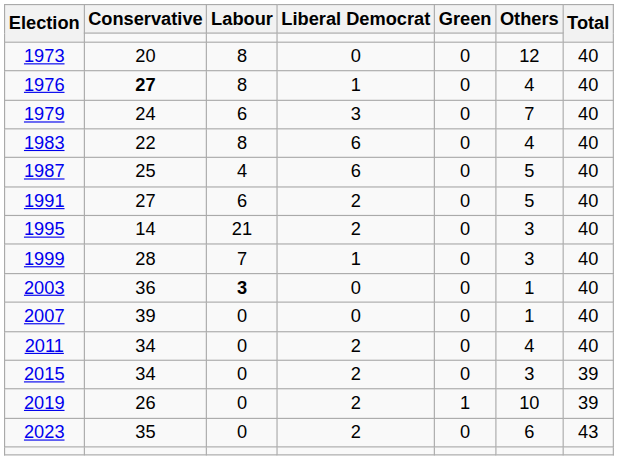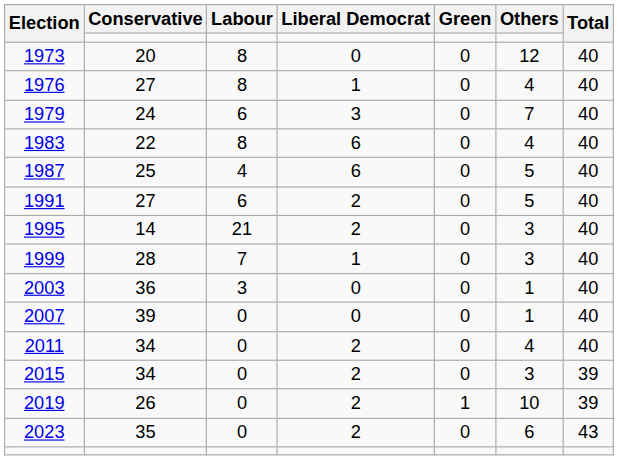 <table class="wikitable" style="text-align: center">
 <tr>
 <th rowspan="2">Election</th>
 <th>Conservative</th>
 <th>Labour</th>
 <th>Liberal Democrat</th>
 <th>Green</th>
 <th>Others</th>
 <th rowspan="2">Total</th>
 </tr>
 <tr>
 <td style="background-color: "></td>
 <td style="background-color: "></td>
 <td style="background-color: "></td>
 <td style="background-color: "></td>
 <td style="background-color: "></td>
 </tr>
 <tr>
 <td><a href='#'>1973</a></td>
 <td>20</td>
 <td>8</td>
 <td>0</td>
 <td>0</td>
 <td>12</td>
 <td>40</td>
 </tr>
 <tr>
 <td><a href='#'>1976</a></td>
-<td><strong>27</strong></td>
+<td>27</td>
 <td>8</td>
 <td>1</td>
 <td>0</td>
 <td>4</td>
 <td>40</td>
 </tr>
 <tr>
 <td><a href='#'>1979</a></td>
 <td>24</td>
 <td>6</td>
 <td>3</td>
 <td>0</td>
 <td>7</td>
 <td>40</td>
 </tr>
 <tr>
 <td><a href='#'>1983</a></td>
 <td>22</td>
 <td>8</td>
 <td>6</td>
 <td>0</td>
 <td>4</td>
 <td>40</td>
 </tr>
 <tr>
 <td><a href='#'>1987</a></td>
 <td>25</td>
 <td>4</td>
 <td>6</td>
 <td>0</td>
 <td>5</td>
 <td>40</td>
 </tr>
 <tr>
 <td><a href='#'>1991</a></td>
 <td>27</td>
 <td>6</td>
 <td>2</td>
 <td>0</td>
 <td>5</td>
 <td>40</td>
 </tr>
 <tr>
 <td><a href='#'>1995</a></td>
 <td>14</td>
 <td>21</td>
 <td>2</td>
 <td>0</td>
 <td>3</td>
 <td>40</td>
 </tr>
 <tr>
 <td><a href='#'>1999</a></td>
 <td>28</td>
 <td>7</td>
 <td>1</td>
 <td>0</td>
 <td>3</td>
 <td>40</td>
 </tr>
 <tr>
 <td><a href='#'>2003</a></td>
 <td>36</td>
-<td><strong>3</strong></td>
+<td>3</td>
 <td>0</td>
 <td>0</td>
 <td>1</td>
 <td>40</td>
 </tr>
 <tr>
 <td><a href='#'>2007</a></td>
 <td>39</td>
 <td>0</td>
 <td>0</td>
 <td>0</td>
 <td>1</td>
 <td>40</td>
 </tr>
 <tr>
 <td><a href='#'>2011</a></td>
 <td>34</td>
 <td>0</td>
 <td>2</td>
 <td>0</td>
 <td>4</td>
 <td>40</td>
 </tr>
 <tr>
 <td><a href='#'>2015</a></td>
 <td>34</td>
 <td>0</td>
 <td>2</td>
 <td>0</td>
 <td>3</td>
 <td>39</td>
 </tr>
 <tr>
 <td><a href='#'>2019</a></td>
 <td>26</td>
 <td>0</td>
 <td>2</td>
 <td>1</td>
 <td>10</td>
 <td>39</td>
 </tr>
 <tr>
 <td><a href='#'>2023</a></td>
 <td>35</td>
 <td>0</td>
 <td>2</td>
 <td>0</td>
 <td>6</td>
 <td>43</td>
 </tr>
 <tr>
 <td></td>
 <td style="background-color: "></td>
 <td style="background-color: "></td>
 <td style="background-color: "></td>
 <td style="background-color: "></td>
 <td style="background-color: "></td>
 <td></td>
 </tr>
 </table>
